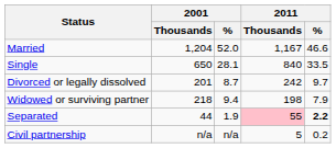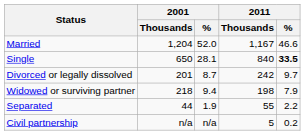 <table class="wikitable sortable" style="text-align:right">
 <tr>
 <th rowspan=2>Status</th>
 <th colspan=2>2001</th>
 <th colspan=2>2011</th>
 </tr>
 <tr>
 <th>Thousands</th>
 <th>%</th>
 <th>Thousands</th>
 <th>%</th>
 </tr>
 <tr>
 <td style="text-align:left"><a href='#'>Married</a></td>
 <td>1,204</td>
 <td>52.0</td>
 <td>1,167</td>
 <td>46.6</td>
 </tr>
 <tr>
 <td style="text-align:left"><a href='#'>Single</a></td>
 <td>650</td>
 <td>28.1</td>
 <td>840</td>
-<td>33.5</td>
+<td><strong>33.5</strong></td>
 </tr>
 <tr>
 <td style="text-align:left"><a href='#'>Divorced</a> or legally dissolved</td>
 <td>201</td>
 <td>8.7</td>
 <td>242</td>
 <td>9.7</td>
 </tr>
 <tr>
 <td style="text-align:left"><a href='#'>Widowed</a> or surviving partner</td>
 <td>218</td>
 <td>9.4</td>
 <td>198</td>
 <td>7.9</td>
 </tr>
 <tr>
 <td style="text-align:left"><a href='#'>Separated</a></td>
 <td>44</td>
 <td>1.9</td>
-<td style="background: pink;">55</td>
-<td><strong>2.2</strong></td>
+<td>55</td>
+<td>2.2</td>
 </tr>
 <tr>
 <td style="text-align:left"><a href='#'>Civil partnership</a></td>
 <td>n/a</td>
 <td>n/a</td>
 <td>5</td>
 <td>0.2</td>
 </tr>
 </table>
